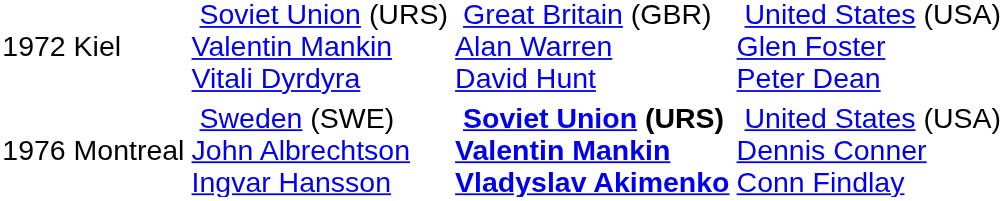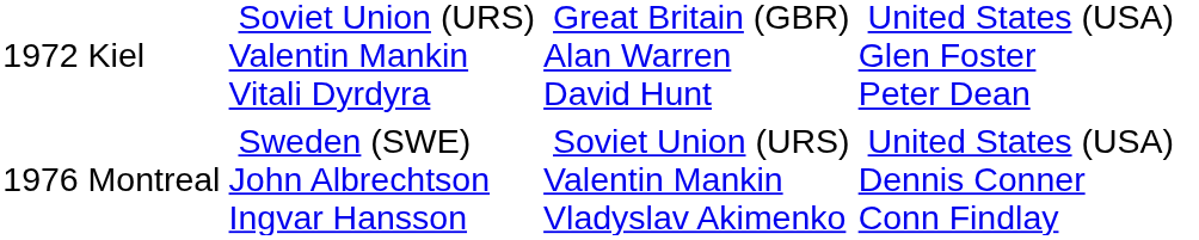 <table>
 <tr>
 <td style="align:center;">1972 Kiel <br></td>
 <td style="vertical-align:top;"> <a href='#'>Soviet Union</a> <span>(URS)</span><br><a href='#'>Valentin Mankin</a><br><a href='#'>Vitali Dyrdyra</a></td>
 <td style="vertical-align:top;"> <a href='#'>Great Britain</a> <span>(GBR)</span><br><a href='#'>Alan Warren</a><br><a href='#'>David Hunt</a></td>
 <td style="vertical-align:top;"> <a href='#'>United States</a> <span>(USA)</span><br><a href='#'>Glen Foster</a><br><a href='#'>Peter Dean</a></td>
 </tr>
 <tr>
 <td style="align:center;">1976 Montreal <br></td>
 <td style="vertical-align:top;"> <a href='#'>Sweden</a> <span>(SWE)</span><br><a href='#'>John Albrechtson</a><br><a href='#'>Ingvar Hansson</a></td>
-<td style="vertical-align:top;"><strong> <a href='#'>Soviet Union</a> <span>(URS)</span><br><a href='#'>Valentin Mankin</a><br><a href='#'>Vladyslav Akimenko</a></strong></td>
+<td style="vertical-align:top;"> <a href='#'>Soviet Union</a> <span>(URS)</span><br><a href='#'>Valentin Mankin</a><br><a href='#'>Vladyslav Akimenko</a></td>
 <td style="vertical-align:top;"> <a href='#'>United States</a> <span>(USA)</span><br><a href='#'>Dennis Conner</a><br><a href='#'>Conn Findlay</a></td>
 </tr>
 </table>
